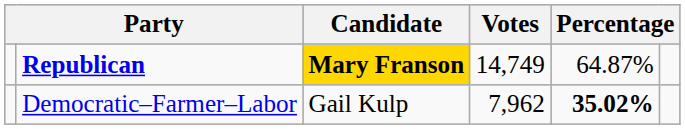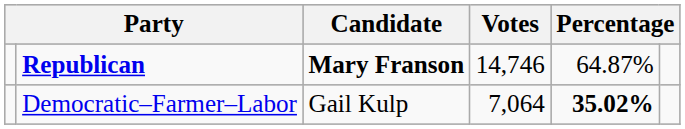 <table class="wikitable" style="text-align:right;">
 <tr style="background-color:#E9E9E9;text-align:center;">
 <th colspan=2>Party</th>
 <th>Candidate</th>
 <th>Votes</th>
 <th colspan=2>Percentage</th>
 </tr>
 <tr>
 <td style="background-color:"></td>
 <td style="text-align:left;"><strong><a href='#'>Republican</a></strong></td>
-<td style="background: gold; text-align:left;"><strong>Mary Franson</strong></td>
-<td style="text-align:right;">14,749</td>
+<td style="text-align:left;"><strong>Mary Franson</strong></td>
+<td style="text-align:right;">14,746</td>
 <td style="text-align:right;">64.87%</td>
 <td style="text-align:right;"><div><div> </div></div></td>
 </tr>
 <tr>
 <td style="background-color:"></td>
 <td style="text-align:left;"><a href='#'>Democratic–Farmer–Labor</a></td>
 <td style="text-align:left;">Gail Kulp</td>
-<td style="text-align:right;">7,962</td>
+<td style="text-align:right;">7,064</td>
 <td style="text-align:right;"><strong>35.02%</strong></td>
 <td style="text-align:right;"><div><div> </div></div></td>
 </tr>
 </table>
